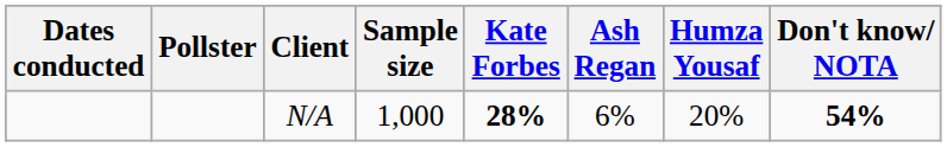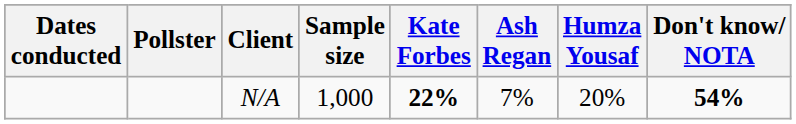 <table class="wikitable wiki table" style="font-size:90%;text-align:center">
 <tr>
 <th>Dates<br>conducted</th>
 <th>Pollster</th>
 <th>Client</th>
 <th>Sample<br>size</th>
 <th><a href='#'>Kate<br>Forbes</a></th>
 <th><a href='#'>Ash<br>Regan</a></th>
 <th><a href='#'>Humza<br>Yousaf</a></th>
 <th>Don't know/<br><a href='#'>NOTA</a></th>
 </tr>
 <tr>
 <td></td>
 <td></td>
 <td><em>N/A</em></td>
 <td>1,000</td>
-<td style="background:"><strong>28%</strong></td>
-<td>6%</td>
+<td style="background:"><strong>22%</strong></td>
+<td>7%</td>
 <td>20%</td>
 <td><strong>54%</strong></td>
 </tr>
 </table>
